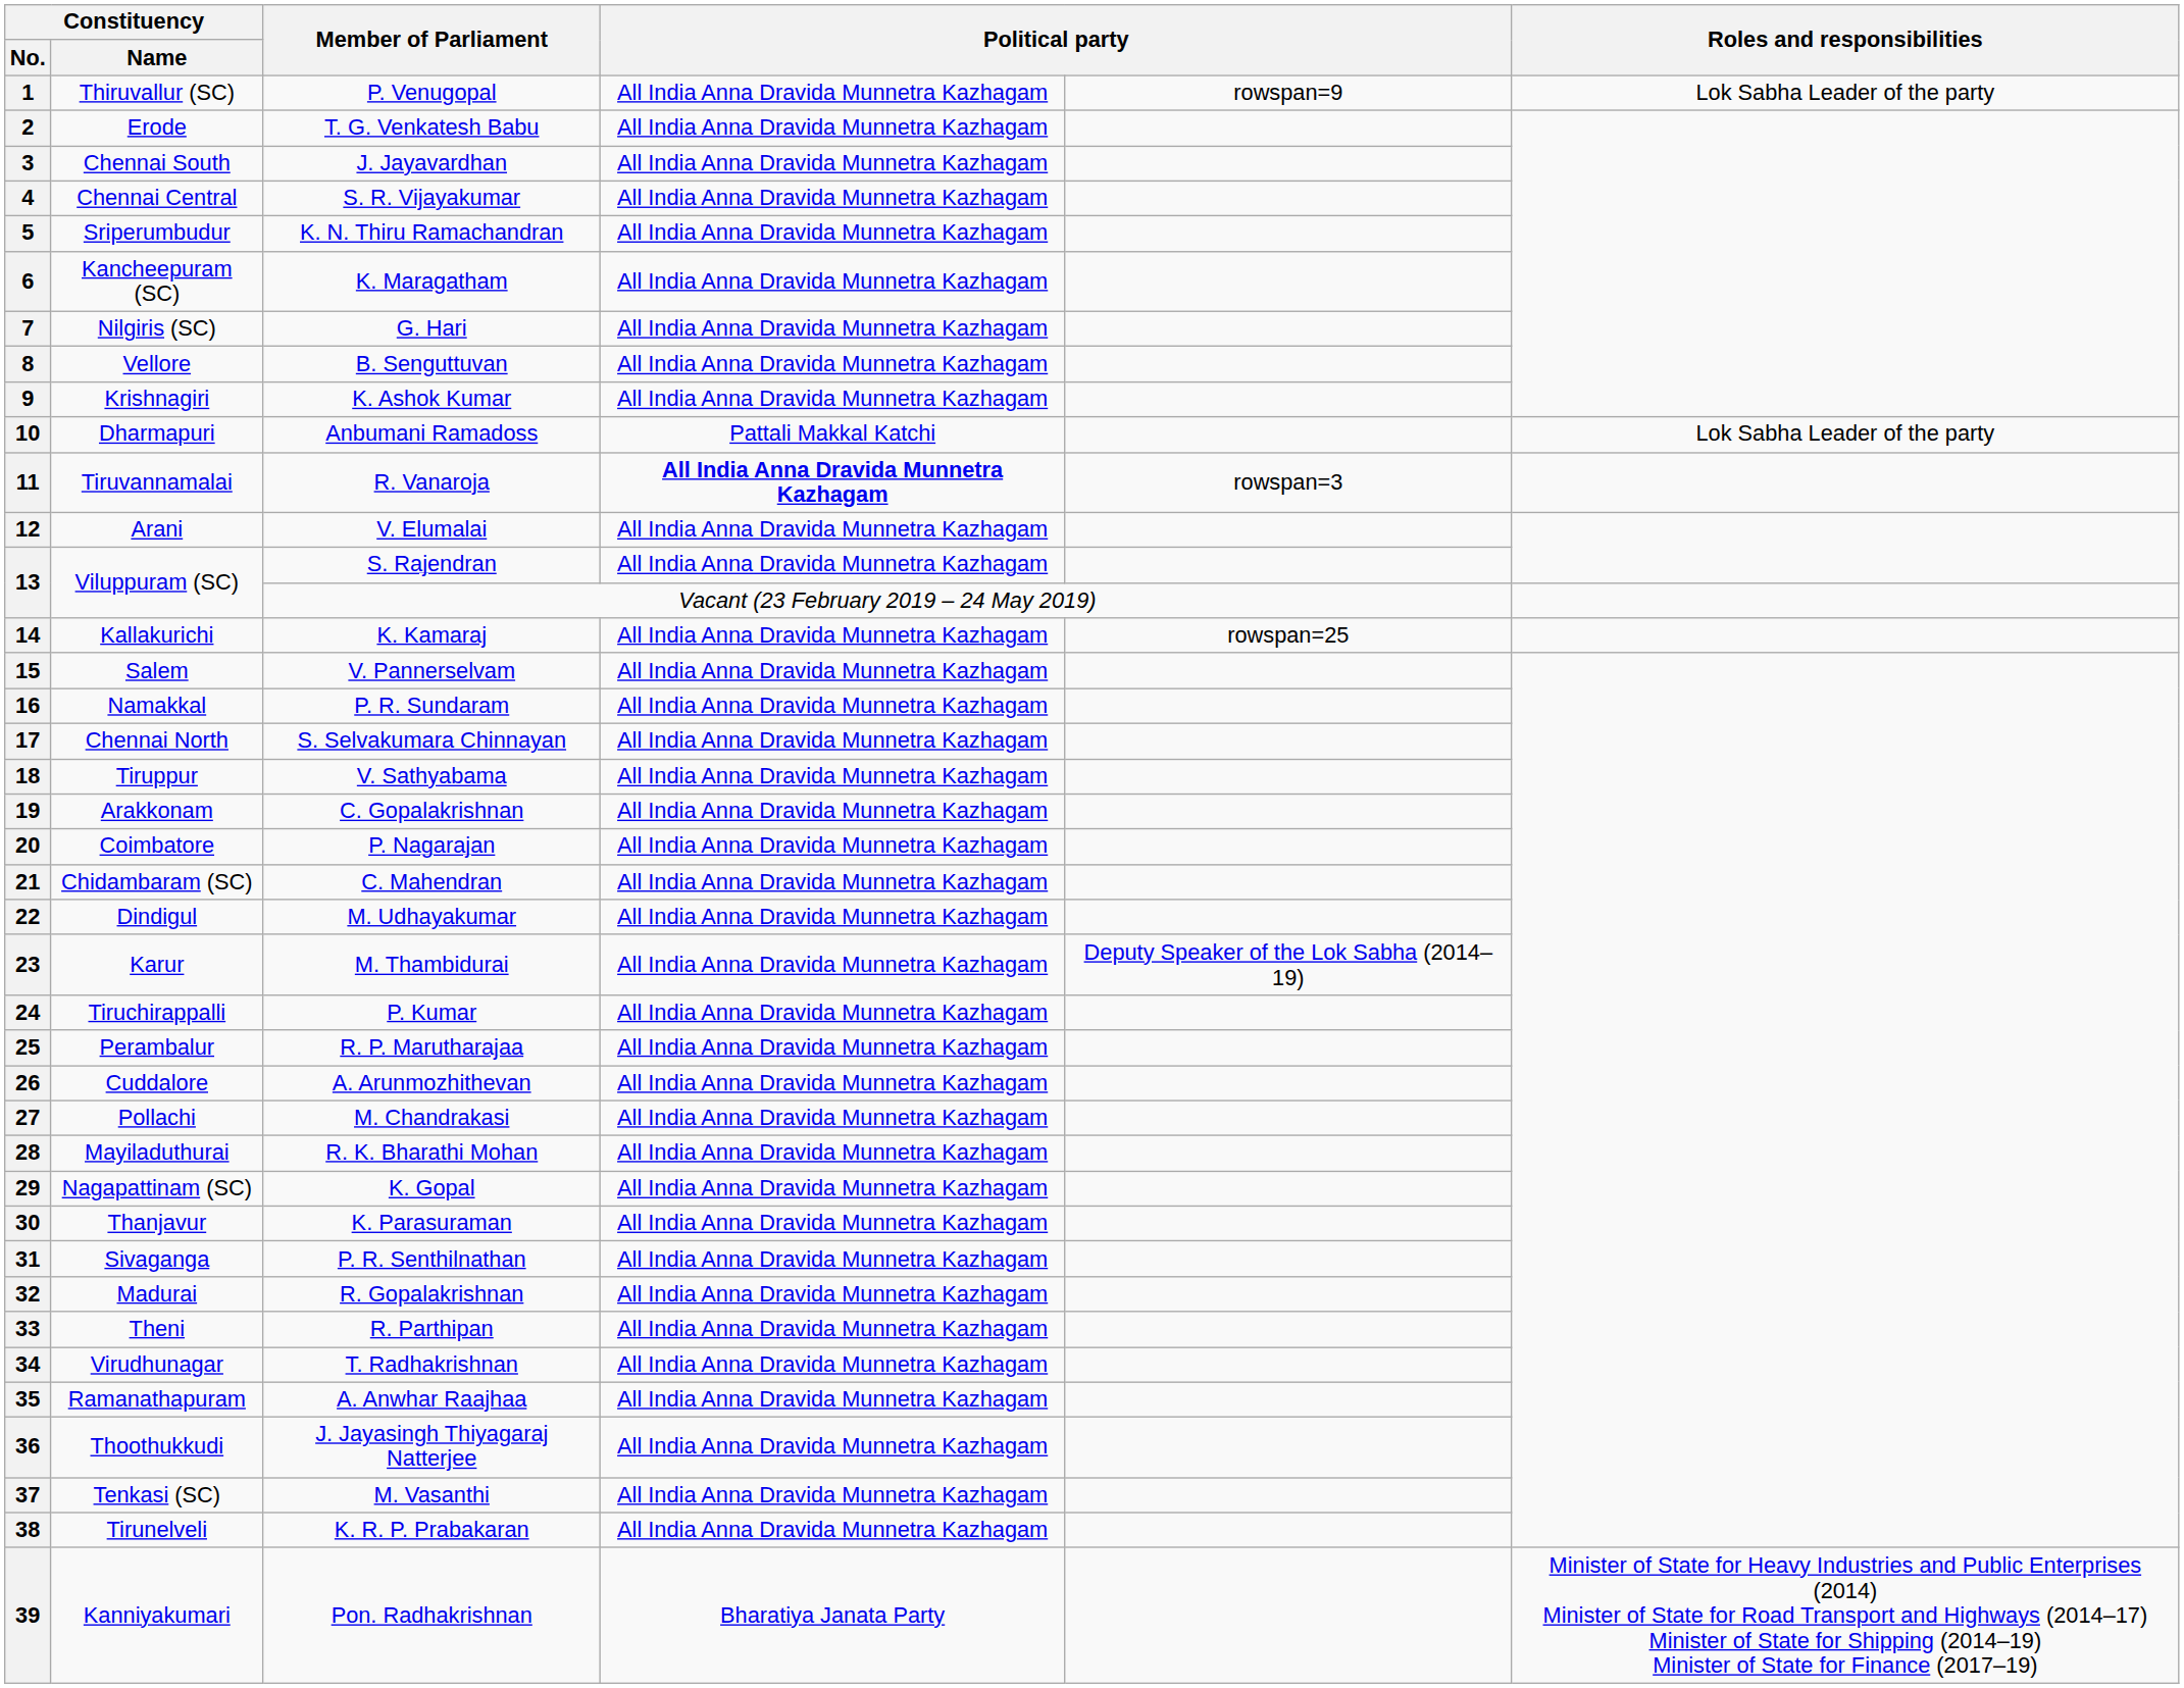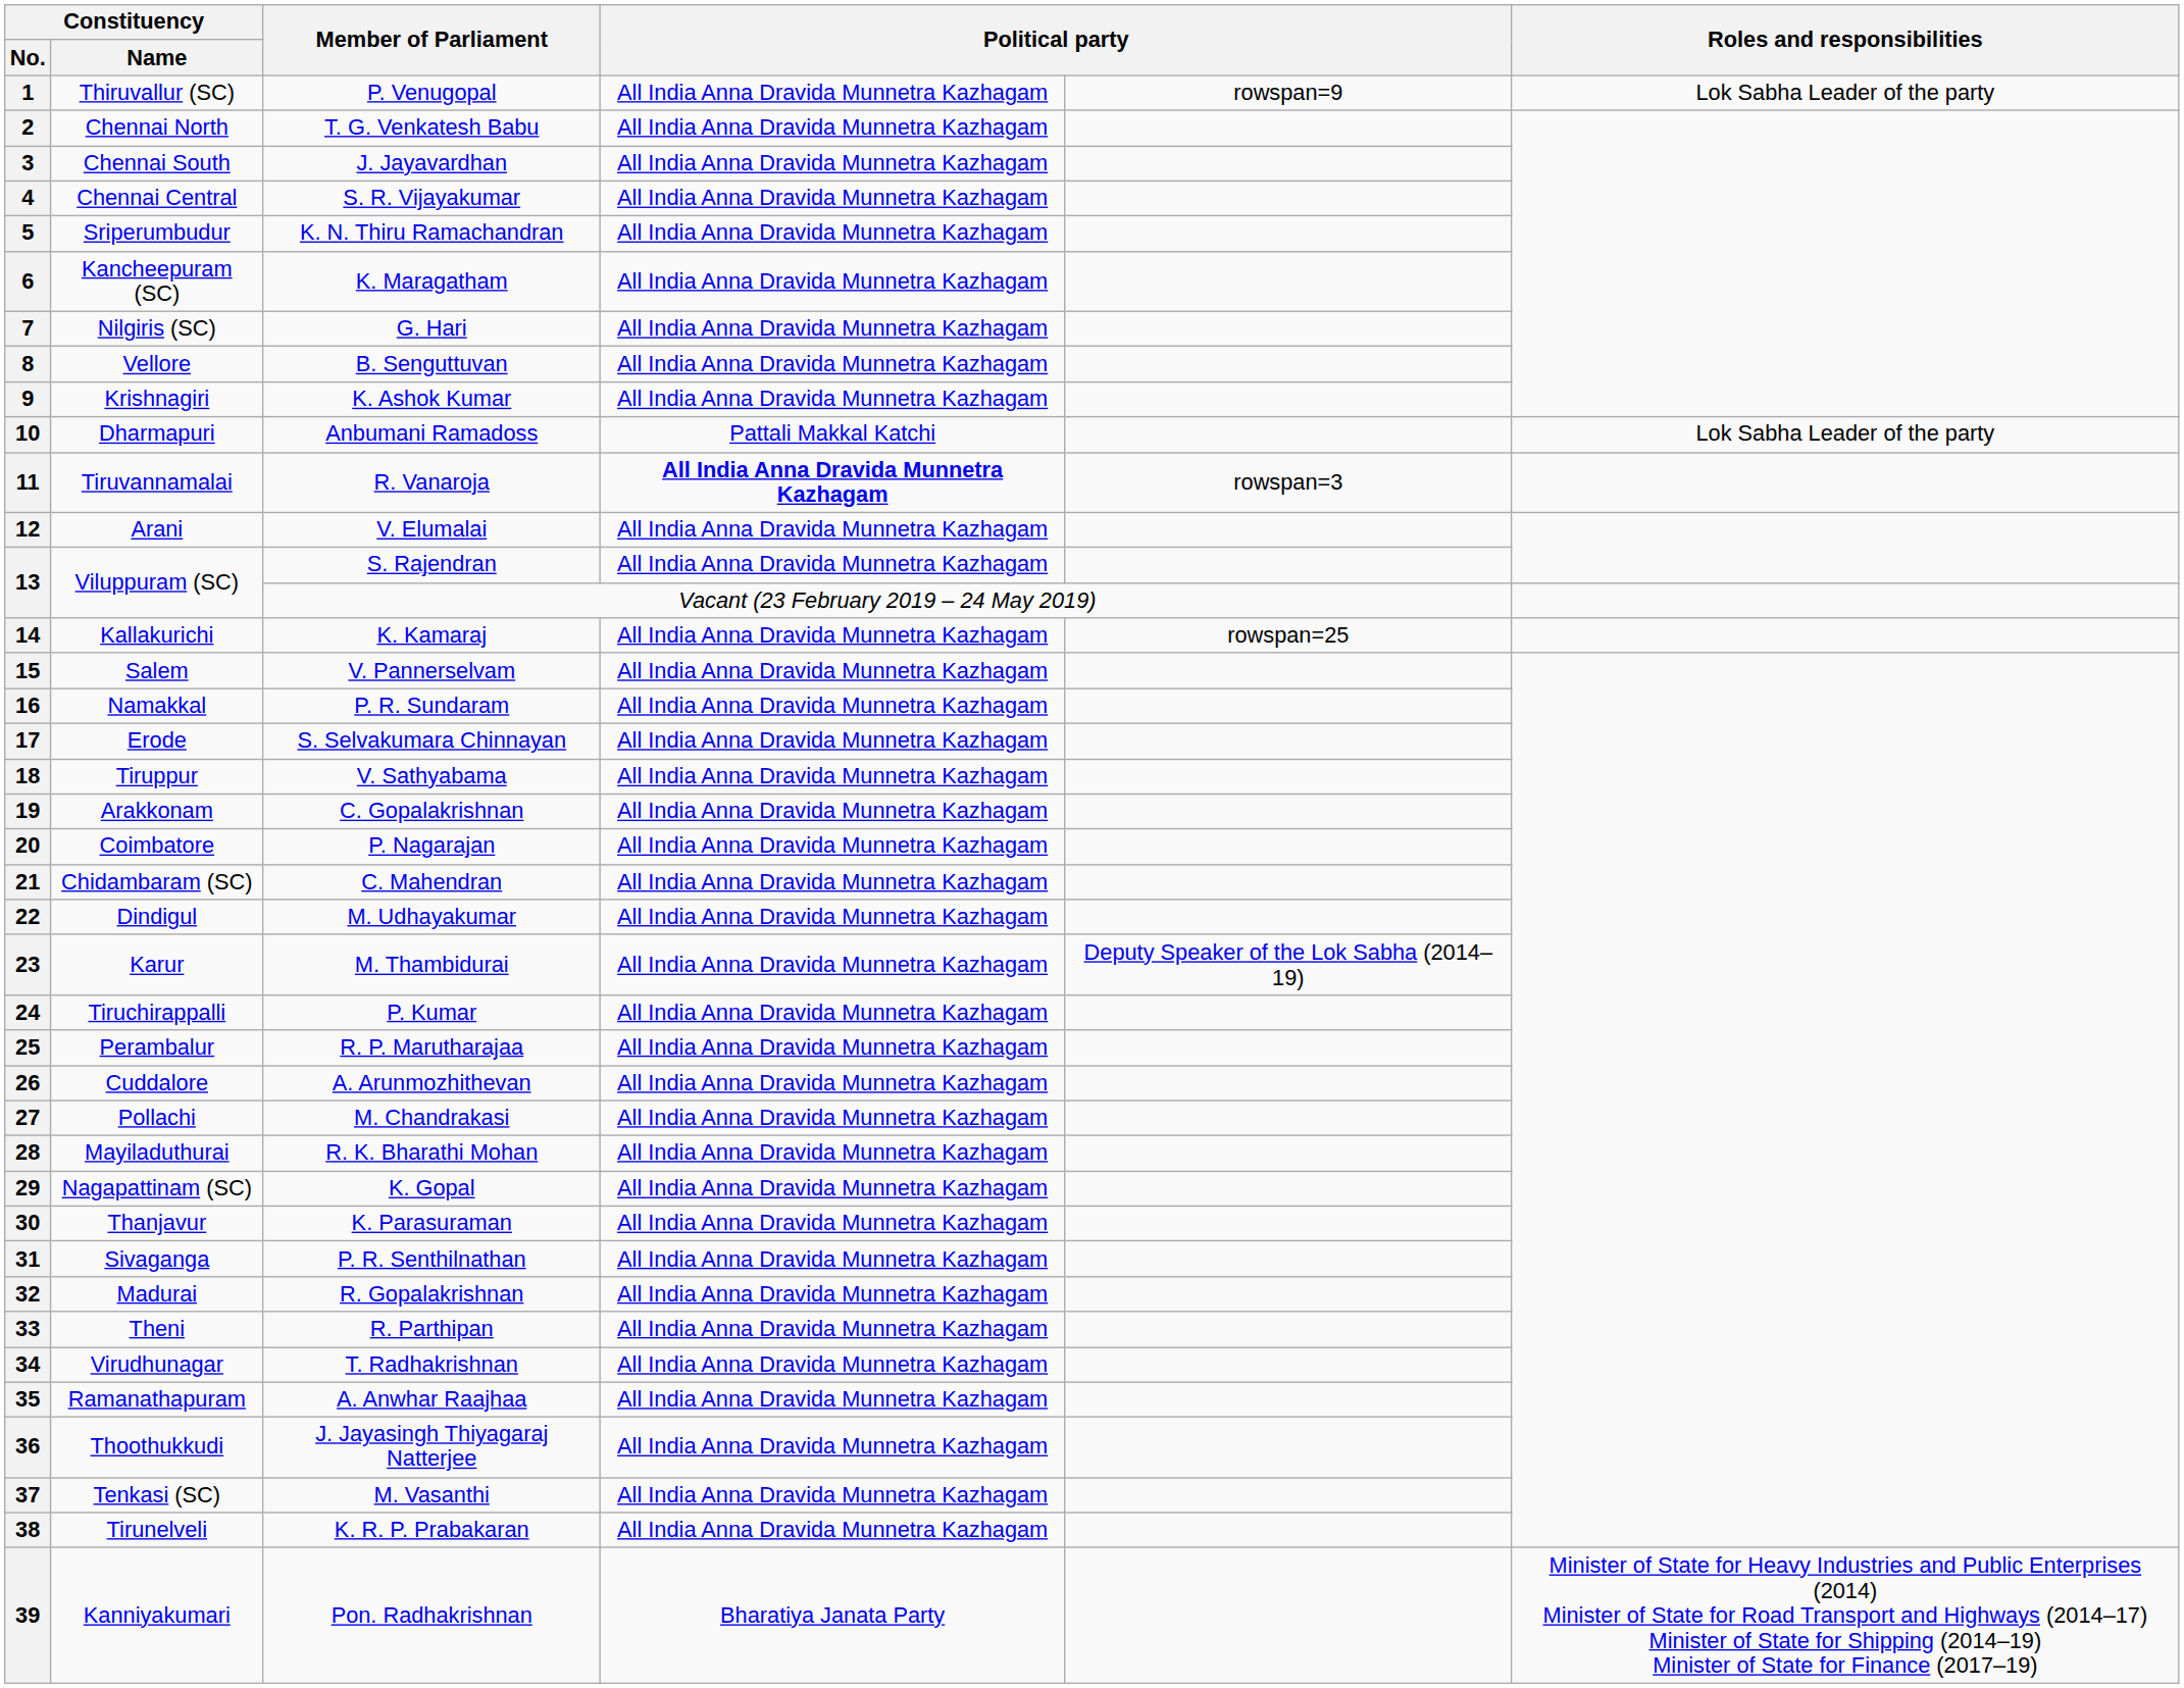 <table class="wikitable sortable" style="text-align:center;">
 <tr>
 <th colspan=2>Constituency</th>
 <th rowspan=2>Member of Parliament</th>
 <th colspan=2 rowspan=2>Political party</th>
 <th rowspan=2>Roles and responsibilities</th>
 </tr>
 <tr>
 <th>No.</th>
 <th>Name</th>
 </tr>
 <tr>
 <th>1</th>
 <td><a href='#'>Thiruvallur</a> (SC)</td>
 <td><a href='#'>P. Venugopal</a></td>
 <td><a href='#'>All India Anna Dravida Munnetra Kazhagam</a></td>
 <td>rowspan=9 </td>
 <td>Lok Sabha Leader of the party</td>
 </tr>
 <tr>
 <th>2</th>
-<td><a href='#'>Erode</a></td>
+<td><a href='#'>Chennai North</a></td>
 <td><a href='#'>T. G. Venkatesh Babu</a></td>
 <td><a href='#'>All India Anna Dravida Munnetra Kazhagam</a></td>
 <td></td>
 </tr>
 <tr>
 <th>3</th>
 <td><a href='#'>Chennai South</a></td>
 <td><a href='#'>J. Jayavardhan</a></td>
 <td><a href='#'>All India Anna Dravida Munnetra Kazhagam</a></td>
 <td></td>
 </tr>
 <tr>
 <th>4</th>
 <td><a href='#'>Chennai Central</a></td>
 <td><a href='#'>S. R. Vijayakumar</a></td>
 <td><a href='#'>All India Anna Dravida Munnetra Kazhagam</a></td>
 <td></td>
 </tr>
 <tr>
 <th>5</th>
 <td><a href='#'>Sriperumbudur</a></td>
 <td><a href='#'>K. N. Thiru Ramachandran</a></td>
 <td><a href='#'>All India Anna Dravida Munnetra Kazhagam</a></td>
 <td></td>
 </tr>
 <tr>
 <th>6</th>
 <td><a href='#'>Kancheepuram</a> (SC)</td>
 <td><a href='#'>K. Maragatham</a></td>
 <td><a href='#'>All India Anna Dravida Munnetra Kazhagam</a></td>
 <td></td>
 </tr>
 <tr>
 <th>7</th>
 <td><a href='#'>Nilgiris</a> (SC)</td>
 <td><a href='#'>G. Hari</a></td>
 <td><a href='#'>All India Anna Dravida Munnetra Kazhagam</a></td>
 <td></td>
 </tr>
 <tr>
 <th>8</th>
 <td><a href='#'>Vellore</a></td>
 <td><a href='#'>B. Senguttuvan</a></td>
 <td><a href='#'>All India Anna Dravida Munnetra Kazhagam</a></td>
 <td></td>
 </tr>
 <tr>
 <th>9</th>
 <td><a href='#'>Krishnagiri</a></td>
 <td><a href='#'>K. Ashok Kumar</a></td>
 <td><a href='#'>All India Anna Dravida Munnetra Kazhagam</a></td>
 <td></td>
 </tr>
 <tr>
 <th>10</th>
 <td><a href='#'>Dharmapuri</a></td>
 <td><a href='#'>Anbumani Ramadoss</a></td>
 <td><a href='#'>Pattali Makkal Katchi</a></td>
 <td></td>
 <td>Lok Sabha Leader of the party</td>
 </tr>
 <tr>
 <th>11</th>
 <td><a href='#'>Tiruvannamalai</a></td>
 <td><a href='#'>R. Vanaroja</a></td>
 <td><strong><a href='#'>All India Anna Dravida Munnetra Kazhagam</a></strong></td>
 <td>rowspan=3 </td>
 <td></td>
 </tr>
 <tr>
 <th>12</th>
 <td><a href='#'>Arani</a></td>
 <td><a href='#'>V. Elumalai</a></td>
 <td><a href='#'>All India Anna Dravida Munnetra Kazhagam</a></td>
 <td></td>
 </tr>
 <tr>
 <th rowspan=2>13</th>
 <td rowspan=2><a href='#'>Viluppuram</a> (SC)</td>
 <td><a href='#'>S. Rajendran</a></td>
 <td><a href='#'>All India Anna Dravida Munnetra Kazhagam</a></td>
 <td></td>
 </tr>
 <tr>
 <td colspan=3><em>Vacant (23 February 2019 – 24 May 2019)</em></td>
 <td></td>
 </tr>
 <tr>
 <th>14</th>
 <td><a href='#'>Kallakurichi</a></td>
 <td><a href='#'>K. Kamaraj</a></td>
 <td><a href='#'>All India Anna Dravida Munnetra Kazhagam</a></td>
 <td>rowspan=25 </td>
 <td></td>
 </tr>
 <tr>
 <th>15</th>
 <td><a href='#'>Salem</a></td>
 <td><a href='#'>V. Pannerselvam</a></td>
 <td><a href='#'>All India Anna Dravida Munnetra Kazhagam</a></td>
 <td></td>
 </tr>
 <tr>
 <th>16</th>
 <td><a href='#'>Namakkal</a></td>
 <td><a href='#'>P. R. Sundaram</a></td>
 <td><a href='#'>All India Anna Dravida Munnetra Kazhagam</a></td>
 <td></td>
 </tr>
 <tr>
 <th>17</th>
-<td><a href='#'>Chennai North</a></td>
+<td><a href='#'>Erode</a></td>
 <td><a href='#'>S. Selvakumara Chinnayan</a></td>
 <td><a href='#'>All India Anna Dravida Munnetra Kazhagam</a></td>
 <td></td>
 </tr>
 <tr>
 <th>18</th>
 <td><a href='#'>Tiruppur</a></td>
 <td><a href='#'>V. Sathyabama</a></td>
 <td><a href='#'>All India Anna Dravida Munnetra Kazhagam</a></td>
 <td></td>
 </tr>
 <tr>
 <th>19</th>
 <td><a href='#'>Arakkonam</a></td>
 <td><a href='#'>C. Gopalakrishnan</a></td>
 <td><a href='#'>All India Anna Dravida Munnetra Kazhagam</a></td>
 <td></td>
 </tr>
 <tr>
 <th>20</th>
 <td><a href='#'>Coimbatore</a></td>
 <td><a href='#'>P. Nagarajan</a></td>
 <td><a href='#'>All India Anna Dravida Munnetra Kazhagam</a></td>
 <td></td>
 </tr>
 <tr>
 <th>21</th>
 <td><a href='#'>Chidambaram</a> (SC)</td>
 <td><a href='#'>C. Mahendran</a></td>
 <td><a href='#'>All India Anna Dravida Munnetra Kazhagam</a></td>
 <td></td>
 </tr>
 <tr>
 <th>22</th>
 <td><a href='#'>Dindigul</a></td>
 <td><a href='#'>M. Udhayakumar</a></td>
 <td><a href='#'>All India Anna Dravida Munnetra Kazhagam</a></td>
 <td></td>
 </tr>
 <tr>
 <th>23</th>
 <td><a href='#'>Karur</a></td>
 <td><a href='#'>M. Thambidurai</a></td>
 <td><a href='#'>All India Anna Dravida Munnetra Kazhagam</a></td>
 <td><a href='#'>Deputy Speaker of the Lok Sabha</a> (2014–19)</td>
 </tr>
 <tr>
 <th>24</th>
 <td><a href='#'>Tiruchirappalli</a></td>
 <td><a href='#'>P. Kumar</a></td>
 <td><a href='#'>All India Anna Dravida Munnetra Kazhagam</a></td>
 <td></td>
 </tr>
 <tr>
 <th>25</th>
 <td><a href='#'>Perambalur</a></td>
 <td><a href='#'>R. P. Marutharajaa</a></td>
 <td><a href='#'>All India Anna Dravida Munnetra Kazhagam</a></td>
 <td></td>
 </tr>
 <tr>
 <th>26</th>
 <td><a href='#'>Cuddalore</a></td>
 <td><a href='#'>A. Arunmozhithevan</a></td>
 <td><a href='#'>All India Anna Dravida Munnetra Kazhagam</a></td>
 <td></td>
 </tr>
 <tr>
 <th>27</th>
 <td><a href='#'>Pollachi</a></td>
 <td><a href='#'>M. Chandrakasi</a></td>
 <td><a href='#'>All India Anna Dravida Munnetra Kazhagam</a></td>
 <td></td>
 </tr>
 <tr>
 <th>28</th>
 <td><a href='#'>Mayiladuthurai</a></td>
 <td><a href='#'>R. K. Bharathi Mohan</a></td>
 <td><a href='#'>All India Anna Dravida Munnetra Kazhagam</a></td>
 <td></td>
 </tr>
 <tr>
 <th>29</th>
 <td><a href='#'>Nagapattinam</a> (SC)</td>
 <td><a href='#'>K. Gopal</a></td>
 <td><a href='#'>All India Anna Dravida Munnetra Kazhagam</a></td>
 <td></td>
 </tr>
 <tr>
 <th>30</th>
 <td><a href='#'>Thanjavur</a></td>
 <td><a href='#'>K. Parasuraman</a></td>
 <td><a href='#'>All India Anna Dravida Munnetra Kazhagam</a></td>
 <td></td>
 </tr>
 <tr>
 <th>31</th>
 <td><a href='#'>Sivaganga</a></td>
 <td><a href='#'>P. R. Senthilnathan</a></td>
 <td><a href='#'>All India Anna Dravida Munnetra Kazhagam</a></td>
 <td></td>
 </tr>
 <tr>
 <th>32</th>
 <td><a href='#'>Madurai</a></td>
 <td><a href='#'>R. Gopalakrishnan</a></td>
 <td><a href='#'>All India Anna Dravida Munnetra Kazhagam</a></td>
 <td></td>
 </tr>
 <tr>
 <th>33</th>
 <td><a href='#'>Theni</a></td>
 <td><a href='#'>R. Parthipan</a></td>
 <td><a href='#'>All India Anna Dravida Munnetra Kazhagam</a></td>
 <td></td>
 </tr>
 <tr>
 <th>34</th>
 <td><a href='#'>Virudhunagar</a></td>
 <td><a href='#'>T. Radhakrishnan</a></td>
 <td><a href='#'>All India Anna Dravida Munnetra Kazhagam</a></td>
 <td></td>
 </tr>
 <tr>
 <th>35</th>
 <td><a href='#'>Ramanathapuram</a></td>
 <td><a href='#'>A. Anwhar Raajhaa</a></td>
 <td><a href='#'>All India Anna Dravida Munnetra Kazhagam</a></td>
 <td></td>
 </tr>
 <tr>
 <th>36</th>
 <td><a href='#'>Thoothukkudi</a></td>
 <td><a href='#'>J. Jayasingh Thiyagaraj Natterjee</a></td>
 <td><a href='#'>All India Anna Dravida Munnetra Kazhagam</a></td>
 <td></td>
 </tr>
 <tr>
 <th>37</th>
 <td><a href='#'>Tenkasi</a> (SC)</td>
 <td><a href='#'>M. Vasanthi</a></td>
 <td><a href='#'>All India Anna Dravida Munnetra Kazhagam</a></td>
 <td></td>
 </tr>
 <tr>
 <th>38</th>
 <td><a href='#'>Tirunelveli</a></td>
 <td><a href='#'>K. R. P. Prabakaran</a></td>
 <td><a href='#'>All India Anna Dravida Munnetra Kazhagam</a></td>
 <td></td>
 </tr>
 <tr>
 <th>39</th>
 <td><a href='#'>Kanniyakumari</a></td>
 <td><a href='#'>Pon. Radhakrishnan</a></td>
 <td><a href='#'>Bharatiya Janata Party</a></td>
 <td></td>
 <td><a href='#'>Minister of State for Heavy Industries and Public Enterprises</a> (2014)<br><a href='#'>Minister of State for Road Transport and Highways</a> (2014–17)<br><a href='#'>Minister of State for Shipping</a> (2014–19)<br><a href='#'>Minister of State for Finance</a> (2017–19)</td>
 </tr>
 </table>
